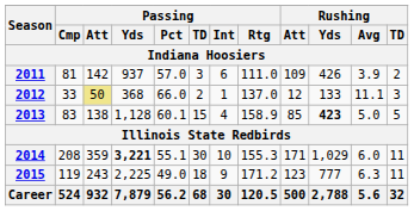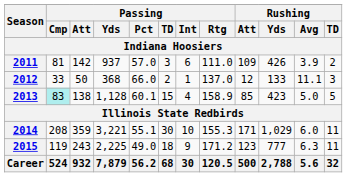 <table class=wikitable style="text-align:center;">
 <tr>
 </tr>
 <tr>
 <th rowspan="2">Season</th>
 <th colspan="7">Passing</th>
 <th colspan="4">Rushing</th>
 </tr>
 <tr>
 <th>Cmp</th>
 <th>Att</th>
 <th>Yds</th>
 <th>Pct</th>
 <th>TD</th>
 <th>Int</th>
 <th>Rtg</th>
 <th>Att</th>
 <th>Yds</th>
 <th>Avg</th>
 <th>TD</th>
 </tr>
 <tr>
 <th colspan="12">Indiana Hoosiers</th>
 </tr>
 <tr>
 <th><a href='#'>2011</a></th>
 <td>81</td>
 <td>142</td>
 <td>937</td>
 <td>57.0</td>
 <td>3</td>
 <td>6</td>
 <td>111.0</td>
 <td>109</td>
 <td>426</td>
 <td>3.9</td>
 <td>2</td>
 </tr>
 <tr>
 <th><a href='#'>2012</a></th>
 <td>33</td>
-<td style="background: khaki;">50</td>
+<td>50</td>
 <td>368</td>
 <td>66.0</td>
 <td>2</td>
 <td>1</td>
 <td>137.0</td>
 <td>12</td>
 <td>133</td>
 <td>11.1</td>
 <td>3</td>
 </tr>
 <tr>
 <th><a href='#'>2013</a></th>
-<td>83</td>
+<td style="background: paleturquoise;">83</td>
 <td>138</td>
 <td>1,128</td>
 <td>60.1</td>
 <td>15</td>
 <td>4</td>
 <td>158.9</td>
 <td>85</td>
-<td><strong>423</strong></td>
+<td>423</td>
 <td>5.0</td>
 <td>5</td>
 </tr>
 <tr>
 <th colspan="12">Illinois State Redbirds</th>
 </tr>
 <tr>
 <th><a href='#'>2014</a></th>
 <td>208</td>
 <td>359</td>
-<td><strong>3,221</strong></td>
+<td>3,221</td>
 <td>55.1</td>
 <td>30</td>
 <td>10</td>
 <td>155.3</td>
 <td>171</td>
 <td>1,029</td>
 <td>6.0</td>
 <td>11</td>
 </tr>
 <tr>
 <th><a href='#'>2015</a></th>
 <td>119</td>
 <td>243</td>
 <td>2,225</td>
 <td>49.0</td>
 <td>18</td>
 <td>9</td>
 <td>171.2</td>
 <td>123</td>
 <td>777</td>
 <td>6.3</td>
 <td>11</td>
 </tr>
 <tr>
 <th>Career</th>
 <th>524</th>
 <th>932</th>
 <th>7,879</th>
 <th>56.2</th>
 <th>68</th>
 <th>30</th>
 <th>120.5</th>
 <th>500</th>
 <th>2,788</th>
 <th>5.6</th>
 <th>32</th>
 </tr>
 </table>
